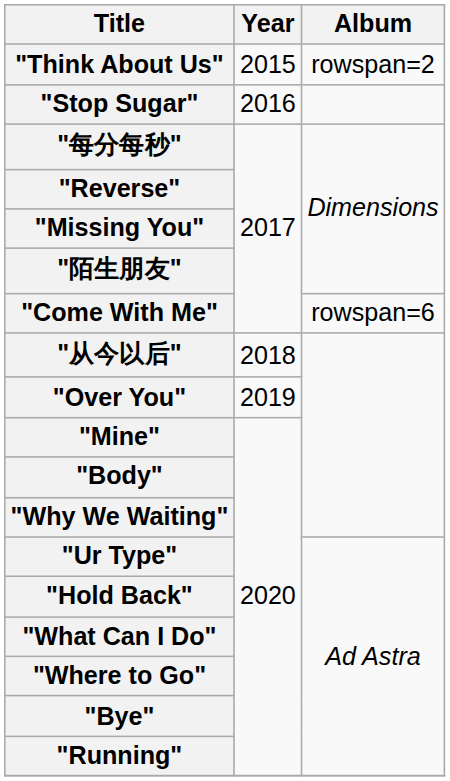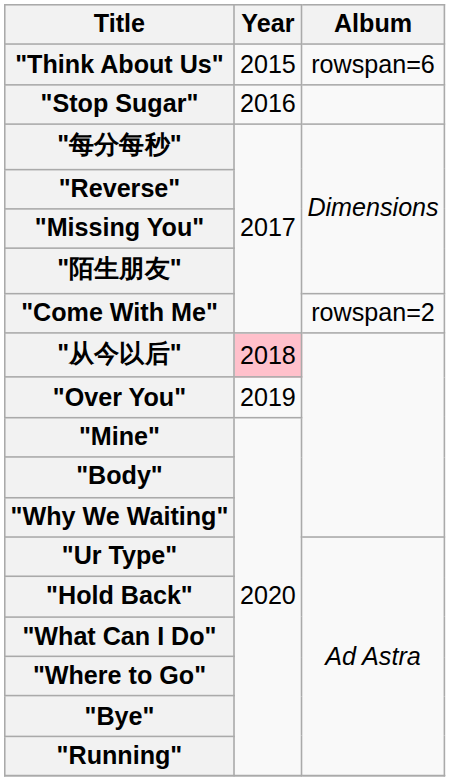 <table class="wikitable plainrowheaders" style="text-align:center;">
 <tr>
 <th>Title</th>
 <th>Year</th>
 <th>Album</th>
 </tr>
 <tr>
 <th scope="row">"Think About Us"</th>
 <td>2015</td>
-<td>rowspan=2 </td>
+<td>rowspan=6 </td>
 </tr>
 <tr>
 <th scope="row">"Stop Sugar"</th>
 <td>2016</td>
 </tr>
 <tr>
 <th scope="row">"每分每秒"</th>
 <td rowspan="5">2017</td>
 <td rowspan="4"><em>Dimensions</em></td>
 </tr>
 <tr>
 <th scope="row">"Reverse"</th>
 </tr>
 <tr>
 <th scope="row">"Missing You" </th>
 </tr>
 <tr>
 <th scope="row">"陌生朋友"</th>
 </tr>
 <tr>
 <th scope="row">"Come With Me"</th>
-<td>rowspan=6 </td>
+<td>rowspan=2 </td>
 </tr>
 <tr>
 <th scope="row">"从今以后"</th>
-<td>2018</td>
+<td style="background: pink;">2018</td>
 </tr>
 <tr>
 <th scope="row">"Over You"</th>
 <td>2019</td>
 </tr>
 <tr>
 <th scope="row">"Mine" </th>
 <td rowspan="9">2020</td>
 </tr>
 <tr>
 <th scope="row">"Body" </th>
 </tr>
 <tr>
 <th scope="row">"Why We Waiting"</th>
 </tr>
 <tr>
 <th scope="row">"Ur Type"</th>
 <td rowspan="6"><em>Ad Astra</em></td>
 </tr>
 <tr>
 <th scope="row">"Hold Back"</th>
 </tr>
 <tr>
 <th scope="row">"What Can I Do" </th>
 </tr>
 <tr>
 <th scope="row">"Where to Go"</th>
 </tr>
 <tr>
 <th scope="row">"Bye"</th>
 </tr>
 <tr>
 <th scope="row">"Running"</th>
 </tr>
 <tr>
 </tr>
 </table>
